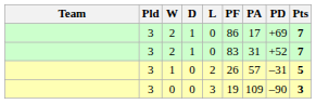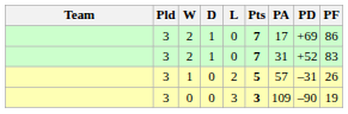 <table class="wikitable" style="text-align:center;">
 <tr>
 <th width=175>Team</th>
 <th width=20 abbr="Played">Pld</th>
 <th width=20 abbr="Won">W</th>
 <th width=20 abbr="Drawn">D</th>
 <th width=20 abbr="Lost">L</th>
-<th width=20 abbr="Points for">PF</th>
+<th width=20 abbr="Points">Pts</th>
 <th width=20 abbr="Points against">PA</th>
 <th width=25 abbr="Points difference">PD</th>
-<th width=20 abbr="Points">Pts</th>
+<th width=20 abbr="Points for">PF</th>
 </tr>
 <tr style="background:#ccffcc">
 <td align=left></td>
 <td>3</td>
 <td>2</td>
 <td>1</td>
 <td>0</td>
-<td>86</td>
+<td><strong>7</strong></td>
 <td>17</td>
 <td>+69</td>
-<td><strong>7</strong></td>
+<td>86</td>
 </tr>
 <tr style="background:#ccffcc">
 <td align=left></td>
 <td>3</td>
 <td>2</td>
 <td>1</td>
 <td>0</td>
-<td>83</td>
+<td><strong>7</strong></td>
 <td>31</td>
 <td>+52</td>
-<td><strong>7</strong></td>
+<td>83</td>
 </tr>
 <tr style="background:#feffb4">
 <td align=left></td>
 <td>3</td>
 <td>1</td>
 <td>0</td>
 <td>2</td>
-<td>26</td>
+<td><strong>5</strong></td>
 <td>57</td>
 <td>–31</td>
-<td><strong>5</strong></td>
+<td>26</td>
 </tr>
 <tr style="background:#feffb4">
 <td align=left></td>
 <td>3</td>
 <td>0</td>
 <td>0</td>
 <td>3</td>
-<td>19</td>
+<td><strong>3</strong></td>
 <td>109</td>
 <td>–90</td>
-<td><strong>3</strong></td>
+<td>19</td>
 </tr>
 </table>
